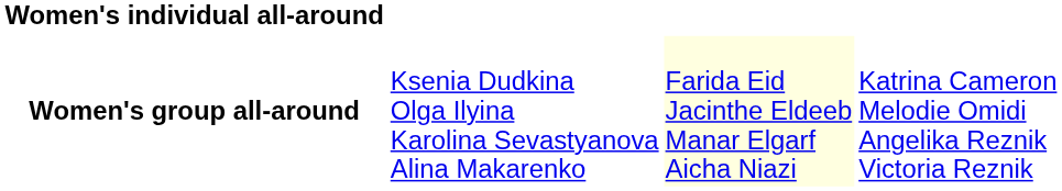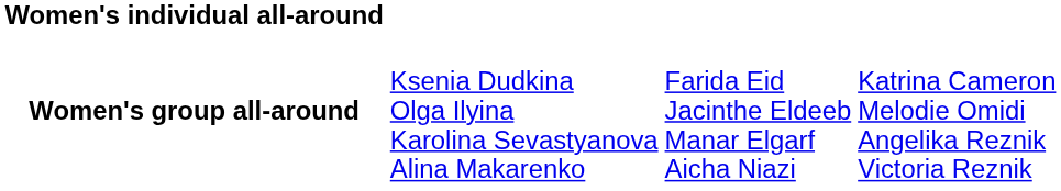 <table>
 <tr>
 <th scope="row">Women's individual all-around<br></th>
 <td></td>
 <td></td>
 <td></td>
 </tr>
 <tr>
 <th scope="row">Women's group all-around<br></th>
 <td><br><a href='#'>Ksenia Dudkina</a><br><a href='#'>Olga Ilyina</a><br><a href='#'>Karolina Sevastyanova</a><br><a href='#'>Alina Makarenko</a></td>
-<td style="background: lightyellow;"><br><a href='#'>Farida Eid</a><br><a href='#'>Jacinthe Eldeeb</a><br><a href='#'>Manar Elgarf</a><br><a href='#'>Aicha Niazi</a></td>
+<td><br><a href='#'>Farida Eid</a><br><a href='#'>Jacinthe Eldeeb</a><br><a href='#'>Manar Elgarf</a><br><a href='#'>Aicha Niazi</a></td>
 <td><br><a href='#'>Katrina Cameron</a><br><a href='#'>Melodie Omidi</a><br><a href='#'>Angelika Reznik</a><br><a href='#'>Victoria Reznik</a></td>
 </tr>
 <tr>
 </tr>
 </table>
